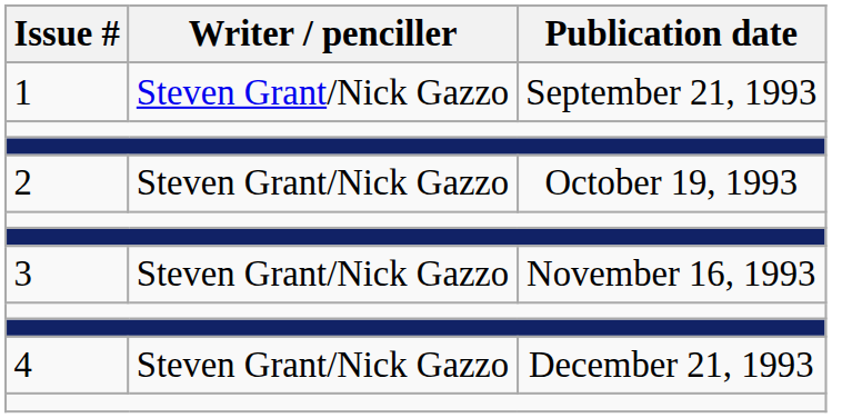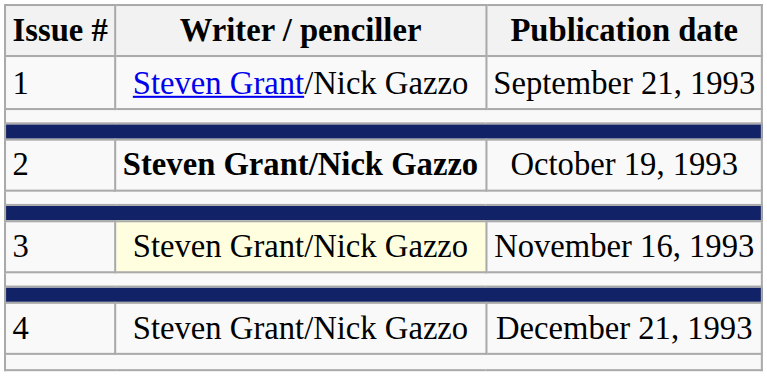 <table class="wikitable">
 <tr>
 <th>Issue #</th>
 <th>Writer / penciller</th>
 <th>Publication date</th>
 </tr>
 <tr>
 <td>1</td>
 <td align="center"><a href='#'>Steven Grant</a>/Nick Gazzo</td>
 <td align="center">September 21, 1993</td>
 </tr>
 <tr>
 <td colspan="6"></td>
 </tr>
 <tr>
 <td colspan="6" bgcolor="#112266"></td>
 </tr>
 <tr>
 <td>2</td>
-<td align="center">Steven Grant/Nick Gazzo</td>
+<td align="center"><strong>Steven Grant/Nick Gazzo</strong></td>
 <td align="center">October 19, 1993</td>
 </tr>
 <tr>
 <td colspan="6"></td>
 </tr>
 <tr>
 <td colspan="6" bgcolor="#112266"></td>
 </tr>
 <tr>
 <td>3</td>
-<td align="center">Steven Grant/Nick Gazzo</td>
+<td align="center" style="background: lightyellow;">Steven Grant/Nick Gazzo</td>
 <td align="center">November 16, 1993</td>
 </tr>
 <tr>
 <td colspan="6"></td>
 </tr>
 <tr>
 <td colspan="6" bgcolor="#112266"></td>
 </tr>
 <tr>
 <td>4</td>
 <td align="center">Steven Grant/Nick Gazzo</td>
 <td align="center">December 21, 1993</td>
 </tr>
 <tr>
 <td colspan="6"></td>
 </tr>
 </table>
